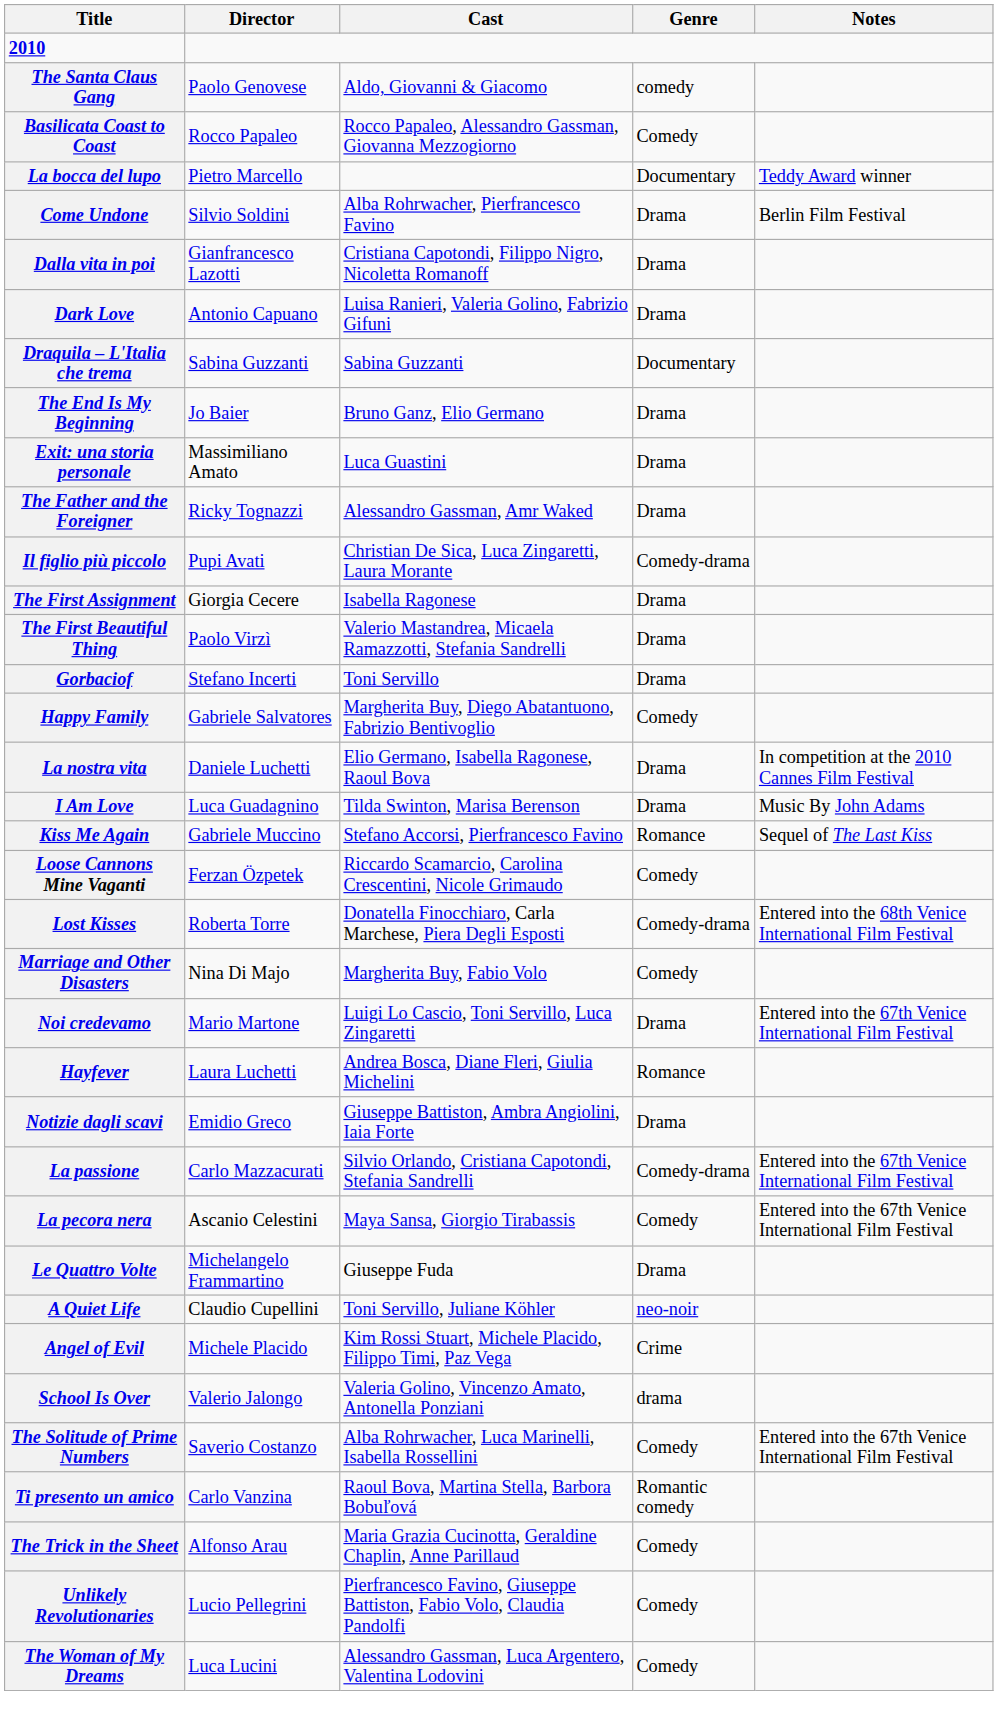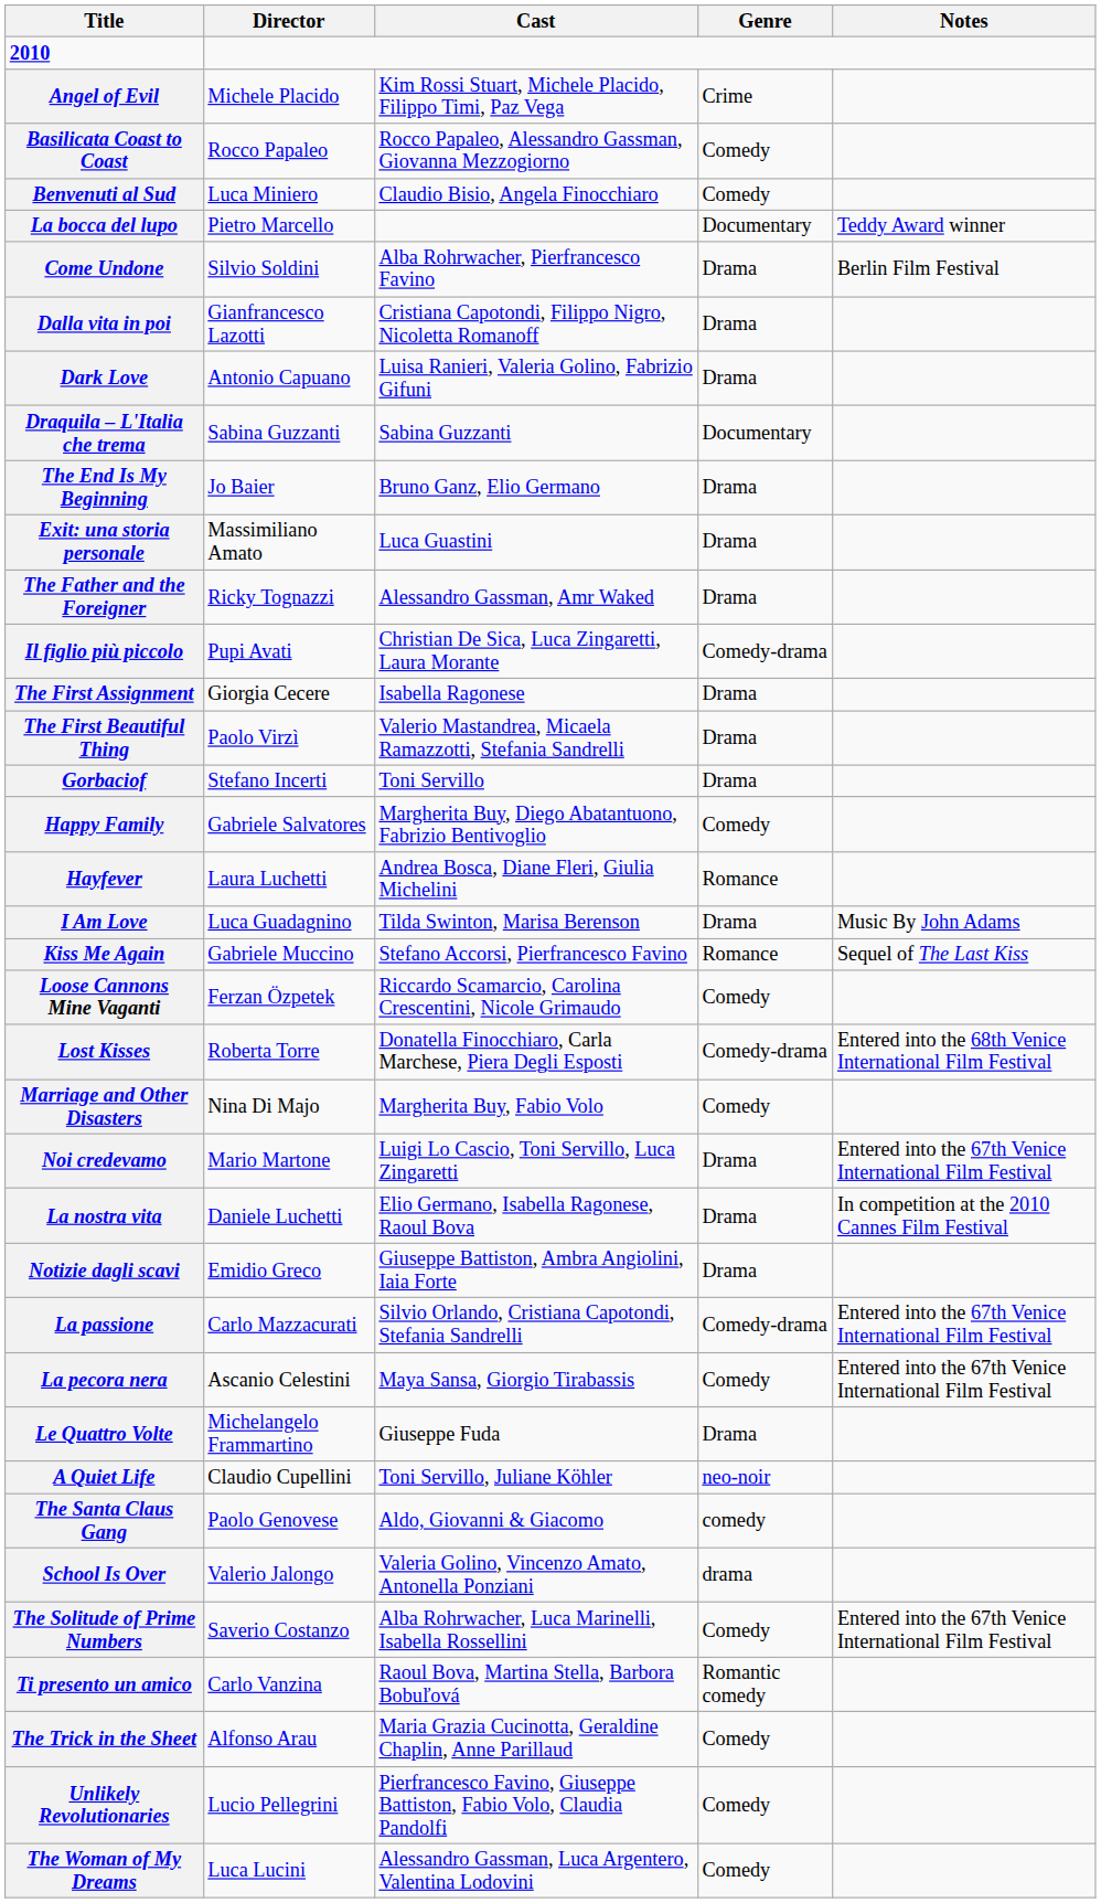 <table class="wikitable">
 <tr>
 <th>Title</th>
 <th>Director</th>
 <th>Cast</th>
 <th>Genre</th>
 <th>Notes</th>
 </tr>
 <tr>
 <td><strong><a href='#'>2010</a></strong></td>
 </tr>
 <tr>
-<th><em><a href='#'>The Santa Claus Gang</a></em></th>
-<td><a href='#'>Paolo Genovese</a></td>
-<td><a href='#'>Aldo, Giovanni & Giacomo</a></td>
-<td>comedy</td>
+<th><em><a href='#'>Angel of Evil</a></em></th>
+<td><a href='#'>Michele Placido</a></td>
+<td><a href='#'>Kim Rossi Stuart</a>, <a href='#'>Michele Placido</a>, <a href='#'>Filippo Timi</a>, <a href='#'>Paz Vega</a></td>
+<td>Crime</td>
 <td></td>
 </tr>
 <tr>
 <th><em><a href='#'>Basilicata Coast to Coast</a></em></th>
 <td><a href='#'>Rocco Papaleo</a></td>
 <td><a href='#'>Rocco Papaleo</a>, <a href='#'>Alessandro Gassman</a>, <a href='#'>Giovanna Mezzogiorno</a></td>
+<td>Comedy</td>
+<td></td>
+</tr>
+<tr>
+<th><em><a href='#'>Benvenuti al Sud</a></em></th>
+<td><a href='#'>Luca Miniero</a></td>
+<td><a href='#'>Claudio Bisio</a>, <a href='#'>Angela Finocchiaro</a></td>
 <td>Comedy</td>
 <td></td>
 </tr>
 <tr Bloodline (Edo Tagliavini) (Francesca Faiella) (horror>
 <th><em><a href='#'>La bocca del lupo</a></em></th>
 <td><a href='#'>Pietro Marcello</a></td>
 <td></td>
 <td>Documentary</td>
 <td><a href='#'>Teddy Award</a> winner</td>
 </tr>
 <tr>
 <th><em><a href='#'>Come Undone</a></em></th>
 <td><a href='#'>Silvio Soldini</a></td>
 <td><a href='#'>Alba Rohrwacher</a>, <a href='#'>Pierfrancesco Favino</a></td>
 <td>Drama</td>
 <td>Berlin Film Festival</td>
 </tr>
 <tr>
 <th><em><a href='#'>Dalla vita in poi</a></em></th>
 <td><a href='#'>Gianfrancesco Lazotti</a></td>
 <td><a href='#'>Cristiana Capotondi</a>, <a href='#'>Filippo Nigro</a>, <a href='#'>Nicoletta Romanoff</a></td>
 <td>Drama</td>
 <td></td>
 </tr>
 <tr>
 <th><em><a href='#'>Dark Love</a></em></th>
 <td><a href='#'>Antonio Capuano</a></td>
 <td><a href='#'>Luisa Ranieri</a>, <a href='#'>Valeria Golino</a>, <a href='#'>Fabrizio Gifuni</a></td>
 <td>Drama</td>
 <td></td>
 </tr>
 <tr>
 <th><em><a href='#'>Draquila – L'Italia che trema</a></em></th>
 <td><a href='#'>Sabina Guzzanti</a></td>
 <td><a href='#'>Sabina Guzzanti</a></td>
 <td>Documentary</td>
 <td></td>
 </tr>
 <tr>
 <th><em><a href='#'>The End Is My Beginning</a></em></th>
 <td><a href='#'>Jo Baier</a></td>
 <td><a href='#'>Bruno Ganz</a>, <a href='#'>Elio Germano</a></td>
 <td>Drama</td>
 <td></td>
 </tr>
 <tr>
 <th><em><a href='#'>Exit: una storia personale</a></em></th>
 <td>Massimiliano Amato</td>
 <td><a href='#'>Luca Guastini</a></td>
 <td>Drama</td>
 <td></td>
 </tr>
 <tr>
 <th><em><a href='#'>The Father and the Foreigner</a></em></th>
 <td><a href='#'>Ricky Tognazzi</a></td>
 <td><a href='#'>Alessandro Gassman</a>, <a href='#'>Amr Waked</a></td>
 <td>Drama</td>
 <td></td>
 </tr>
 <tr>
 <th><em><a href='#'>Il figlio più piccolo</a></em></th>
 <td><a href='#'>Pupi Avati</a></td>
 <td><a href='#'>Christian De Sica</a>, <a href='#'>Luca Zingaretti</a>, <a href='#'>Laura Morante</a></td>
 <td>Comedy-drama</td>
 <td></td>
 </tr>
 <tr>
 <th><em><a href='#'>The First Assignment</a></em></th>
 <td>Giorgia Cecere</td>
 <td><a href='#'>Isabella Ragonese</a></td>
 <td>Drama</td>
 <td></td>
 </tr>
 <tr>
 <th><em><a href='#'>The First Beautiful Thing</a></em></th>
 <td><a href='#'>Paolo Virzì</a></td>
 <td><a href='#'>Valerio Mastandrea</a>, <a href='#'>Micaela Ramazzotti</a>, <a href='#'>Stefania Sandrelli</a></td>
 <td>Drama</td>
 <td></td>
 </tr>
 <tr>
 <th><em><a href='#'>Gorbaciof</a></em></th>
 <td><a href='#'>Stefano Incerti</a></td>
 <td><a href='#'>Toni Servillo</a></td>
 <td>Drama</td>
 <td></td>
 </tr>
 <tr>
 <th><em><a href='#'>Happy Family</a></em></th>
 <td><a href='#'>Gabriele Salvatores</a></td>
 <td><a href='#'>Margherita Buy</a>, <a href='#'>Diego Abatantuono</a>, <a href='#'>Fabrizio Bentivoglio</a></td>
 <td>Comedy</td>
 <td></td>
 </tr>
 <tr>
-<th><em><a href='#'>La nostra vita</a></em></th>
-<td><a href='#'>Daniele Luchetti</a></td>
-<td><a href='#'>Elio Germano</a>, <a href='#'>Isabella Ragonese</a>, <a href='#'>Raoul Bova</a></td>
-<td>Drama</td>
-<td>In competition at the <a href='#'>2010 Cannes Film Festival</a></td>
+<th><em><a href='#'>Hayfever</a></em></th>
+<td><a href='#'>Laura Luchetti</a></td>
+<td><a href='#'>Andrea Bosca</a>, <a href='#'>Diane Fleri</a>, <a href='#'>Giulia Michelini</a></td>
+<td>Romance</td>
+<td></td>
 </tr>
 <tr>
 <th><em><a href='#'>I Am Love</a></em></th>
 <td><a href='#'>Luca Guadagnino</a></td>
 <td><a href='#'>Tilda Swinton</a>, <a href='#'>Marisa Berenson</a></td>
 <td>Drama</td>
 <td>Music By <a href='#'>John Adams</a></td>
 </tr>
 <tr>
 <th><em><a href='#'>Kiss Me Again</a></em></th>
 <td><a href='#'>Gabriele Muccino</a></td>
 <td><a href='#'>Stefano Accorsi</a>, <a href='#'>Pierfrancesco Favino</a></td>
 <td>Romance</td>
 <td>Sequel of <em><a href='#'>The Last Kiss</a></em></td>
 </tr>
 <tr>
 <th><em><a href='#'>Loose Cannons</a></em><br> <em>Mine Vaganti</em></th>
 <td><a href='#'>Ferzan Özpetek</a></td>
 <td><a href='#'>Riccardo Scamarcio</a>, <a href='#'>Carolina Crescentini</a>, <a href='#'>Nicole Grimaudo</a></td>
 <td>Comedy</td>
 <td></td>
 </tr>
 <tr>
 <th><em><a href='#'>Lost Kisses</a></em></th>
 <td><a href='#'>Roberta Torre</a></td>
 <td><a href='#'>Donatella Finocchiaro</a>, Carla Marchese, <a href='#'>Piera Degli Esposti</a></td>
 <td>Comedy-drama</td>
 <td>Entered into the <a href='#'>68th Venice International Film Festival</a></td>
 </tr>
 <tr>
 <th><em><a href='#'>Marriage and Other Disasters</a></em></th>
 <td>Nina Di Majo</td>
 <td><a href='#'>Margherita Buy</a>, <a href='#'>Fabio Volo</a></td>
 <td>Comedy</td>
 <td></td>
 </tr>
 <tr>
 <th><em><a href='#'>Noi credevamo</a></em></th>
 <td><a href='#'>Mario Martone</a></td>
 <td><a href='#'>Luigi Lo Cascio</a>, <a href='#'>Toni Servillo</a>, <a href='#'>Luca Zingaretti</a></td>
 <td>Drama</td>
 <td>Entered into the <a href='#'>67th Venice International Film Festival</a></td>
 </tr>
 <tr>
-<th><em><a href='#'>Hayfever</a></em></th>
-<td><a href='#'>Laura Luchetti</a></td>
-<td><a href='#'>Andrea Bosca</a>, <a href='#'>Diane Fleri</a>, <a href='#'>Giulia Michelini</a></td>
-<td>Romance</td>
-<td></td>
+<th><em><a href='#'>La nostra vita</a></em></th>
+<td><a href='#'>Daniele Luchetti</a></td>
+<td><a href='#'>Elio Germano</a>, <a href='#'>Isabella Ragonese</a>, <a href='#'>Raoul Bova</a></td>
+<td>Drama</td>
+<td>In competition at the <a href='#'>2010 Cannes Film Festival</a></td>
 </tr>
 <tr>
 <th><em><a href='#'>Notizie dagli scavi</a></em></th>
 <td><a href='#'>Emidio Greco</a></td>
 <td><a href='#'>Giuseppe Battiston</a>, <a href='#'>Ambra Angiolini</a>, <a href='#'>Iaia Forte</a></td>
 <td>Drama</td>
 <td></td>
 </tr>
 <tr>
 <th><em><a href='#'>La passione</a></em></th>
 <td><a href='#'>Carlo Mazzacurati</a></td>
 <td><a href='#'>Silvio Orlando</a>, <a href='#'>Cristiana Capotondi</a>, <a href='#'>Stefania Sandrelli</a></td>
 <td>Comedy-drama</td>
 <td>Entered into the <a href='#'>67th Venice International Film Festival</a></td>
 </tr>
 <tr>
 <th><em><a href='#'>La pecora nera</a></em></th>
 <td>Ascanio Celestini</td>
 <td><a href='#'>Maya Sansa</a>, <a href='#'>Giorgio Tirabassis</a></td>
 <td>Comedy</td>
 <td>Entered into the 67th Venice International Film Festival</td>
 </tr>
 <tr>
 <th><em><a href='#'>Le Quattro Volte</a></em></th>
 <td><a href='#'>Michelangelo Frammartino</a></td>
 <td>Giuseppe Fuda</td>
 <td>Drama</td>
 <td></td>
 </tr>
 <tr>
 <th><em><a href='#'>A Quiet Life</a></em></th>
 <td>Claudio Cupellini</td>
 <td><a href='#'>Toni Servillo</a>, <a href='#'>Juliane Köhler</a></td>
 <td><a href='#'>neo-noir</a></td>
 <td></td>
 </tr>
 <tr>
-<th><em><a href='#'>Angel of Evil</a></em></th>
-<td><a href='#'>Michele Placido</a></td>
-<td><a href='#'>Kim Rossi Stuart</a>, <a href='#'>Michele Placido</a>, <a href='#'>Filippo Timi</a>, <a href='#'>Paz Vega</a></td>
-<td>Crime</td>
+<th><em><a href='#'>The Santa Claus Gang</a></em></th>
+<td><a href='#'>Paolo Genovese</a></td>
+<td><a href='#'>Aldo, Giovanni & Giacomo</a></td>
+<td>comedy</td>
 <td></td>
 </tr>
 <tr>
 <th><em><a href='#'>School Is Over</a></em></th>
 <td><a href='#'>Valerio Jalongo</a></td>
 <td><a href='#'>Valeria Golino</a>, <a href='#'>Vincenzo Amato</a>, <a href='#'>Antonella Ponziani</a></td>
 <td>drama</td>
 <td></td>
 </tr>
 <tr>
 <th><em><a href='#'>The Solitude of Prime Numbers</a></em></th>
 <td><a href='#'>Saverio Costanzo</a></td>
 <td><a href='#'>Alba Rohrwacher</a>, <a href='#'>Luca Marinelli</a>, <a href='#'>Isabella Rossellini</a></td>
 <td>Comedy</td>
 <td>Entered into the 67th Venice International Film Festival</td>
 </tr>
 <tr>
 <th><em><a href='#'>Ti presento un amico</a></em></th>
 <td><a href='#'>Carlo Vanzina</a></td>
 <td><a href='#'>Raoul Bova</a>, <a href='#'>Martina Stella</a>, <a href='#'>Barbora Bobuľová</a></td>
 <td>Romantic comedy</td>
 <td></td>
 </tr>
 <tr>
 <th><em><a href='#'>The Trick in the Sheet</a></em></th>
 <td><a href='#'>Alfonso Arau</a></td>
 <td><a href='#'>Maria Grazia Cucinotta</a>, <a href='#'>Geraldine Chaplin</a>, <a href='#'>Anne Parillaud</a></td>
 <td>Comedy</td>
 <td></td>
 </tr>
 <tr>
 <th><em><a href='#'>Unlikely Revolutionaries</a></em></th>
 <td><a href='#'>Lucio Pellegrini</a></td>
 <td><a href='#'>Pierfrancesco Favino</a>, <a href='#'>Giuseppe Battiston</a>, <a href='#'>Fabio Volo</a>, <a href='#'>Claudia Pandolfi</a></td>
 <td>Comedy</td>
 <td></td>
 </tr>
 <tr>
 <th><em><a href='#'>The Woman of My Dreams</a></em></th>
 <td><a href='#'>Luca Lucini</a></td>
 <td><a href='#'>Alessandro Gassman</a>, <a href='#'>Luca Argentero</a>, <a href='#'>Valentina Lodovini</a></td>
 <td>Comedy</td>
 <td></td>
 </tr>
 </table>
